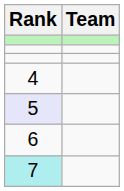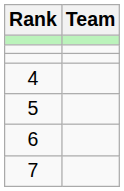 <table class="wikitable">
 <tr>
 <th>Rank</th>
 <th>Team</th>
 </tr>
 <tr bgcolor=bbf3bb>
 <td align=center></td>
 <td></td>
 </tr>
 <tr>
 <td align=center></td>
 <td></td>
 </tr>
 <tr>
 <td align=center></td>
 <td></td>
 </tr>
 <tr>
 <td align=center>4</td>
 <td></td>
 </tr>
 <tr>
-<td align=center style="background: lavender;">5</td>
+<td align=center>5</td>
 <td></td>
 </tr>
 <tr>
 <td align=center>6</td>
 <td></td>
 </tr>
 <tr>
-<td align=center style="background: paleturquoise;">7</td>
+<td align=center>7</td>
 <td></td>
 </tr>
 </table>
